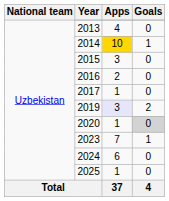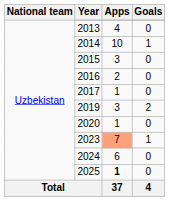 <table class="wikitable" style="text-align:center">
 <tr>
 <th>National team</th>
 <th>Year</th>
 <th>Apps</th>
 <th>Goals</th>
 </tr>
 <tr>
 <td rowspan=11><a href='#'>Uzbekistan</a></td>
 </tr>
 <tr>
 <td>2013</td>
 <td>4</td>
 <td>0</td>
 </tr>
 <tr>
 <td>2014</td>
-<td style="background: gold;">10</td>
+<td>10</td>
 <td>1</td>
 </tr>
 <tr>
 <td>2015</td>
 <td>3</td>
 <td>0</td>
 </tr>
 <tr>
 <td>2016</td>
 <td>2</td>
 <td>0</td>
 </tr>
 <tr>
 <td>2017</td>
 <td>1</td>
 <td>0</td>
 </tr>
 <tr>
 <td>2019</td>
-<td style="background: lavender;">3</td>
+<td>3</td>
 <td>2</td>
 </tr>
 <tr>
 <td>2020</td>
 <td>1</td>
-<td style="background: lightgrey;">0</td>
+<td>0</td>
 </tr>
 <tr>
 <td>2023</td>
-<td>7</td>
+<td style="background: lightsalmon;">7</td>
 <td>1</td>
 </tr>
 <tr>
 <td>2024</td>
 <td>6</td>
 <td>0</td>
 </tr>
 <tr>
 <td>2025</td>
-<td>1</td>
+<td><strong>1</strong></td>
 <td>0</td>
 </tr>
 <tr>
 <th colspan=2>Total</th>
 <th>37</th>
 <th>4</th>
 </tr>
 </table>
